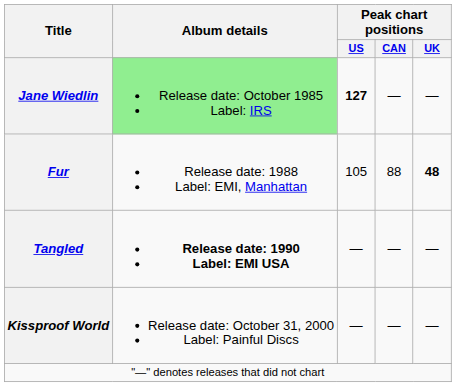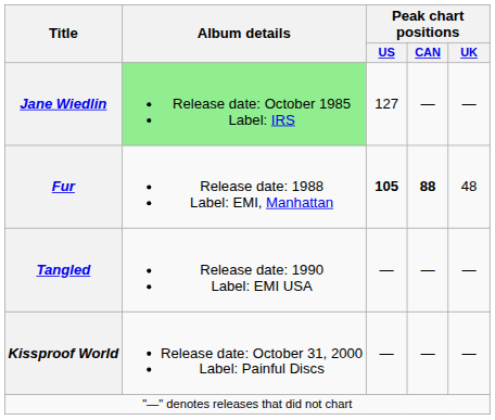 <table class="wikitable plainrowheaders" style="text-align:center;">
 <tr>
 <th rowspan="2">Title</th>
 <th rowspan="2">Album details</th>
 <th colspan="3">Peak chart positions</th>
 </tr>
 <tr style="font-size:smaller;">
 <th style="width:40px;"><a href='#'>US</a><br></th>
 <th style="width:40px;"><a href='#'>CAN</a><br></th>
 <th style="width:40px;"><a href='#'>UK</a><br></th>
 </tr>
 <tr>
 <th scope="row"><em><a href='#'>Jane Wiedlin</a></em></th>
 <td style="background: lightgreen;"><br><ul><li>Release date: October 1985</li><li>Label: <a href='#'>IRS</a></li></ul></td>
-<td><strong>127</strong></td>
+<td>127</td>
 <td>—</td>
 <td>—</td>
 </tr>
 <tr>
 <th scope="row"><em><a href='#'>Fur</a></em></th>
 <td><br><ul><li>Release date: 1988</li><li>Label: EMI, <a href='#'>Manhattan</a></li></ul></td>
-<td>105</td>
-<td>88</td>
-<td><strong>48</strong></td>
+<td><strong>105</strong></td>
+<td><strong>88</strong></td>
+<td>48</td>
 </tr>
 <tr>
 <th scope="row"><em><a href='#'>Tangled</a></em></th>
-<td><strong><br><ul><li>Release date: 1990</li><li>Label: EMI USA</li></ul></strong></td>
+<td><br><ul><li>Release date: 1990</li><li>Label: EMI USA</li></ul></td>
 <td>—</td>
 <td>—</td>
 <td>—</td>
 </tr>
 <tr>
 <th scope="row"><em>Kissproof World</em></th>
 <td><br><ul><li>Release date: October 31, 2000</li><li>Label: Painful Discs</li></ul></td>
 <td>—</td>
 <td>—</td>
 <td>—</td>
 </tr>
 <tr>
 <td colspan="10" style="font-size:85%">"—" denotes releases that did not chart</td>
 </tr>
 </table>
